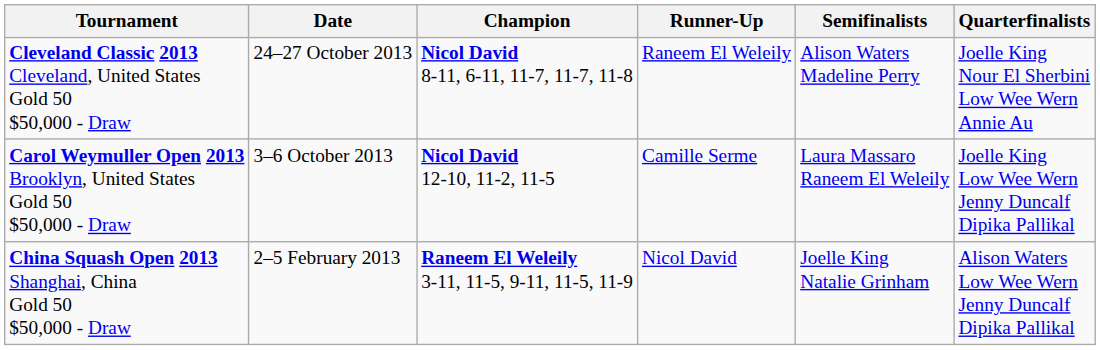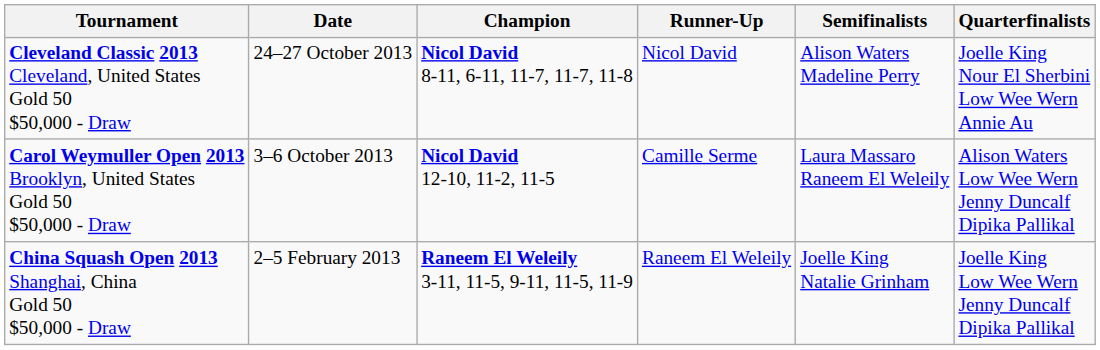 <table class="wikitable" style="font-size:88%">
 <tr>
 <th>Tournament</th>
 <th>Date</th>
 <th>Champion</th>
 <th>Runner-Up</th>
 <th>Semifinalists</th>
 <th>Quarterfinalists</th>
 </tr>
 <tr valign=top>
 <td><strong><a href='#'>Cleveland Classic</a> <a href='#'>2013</a></strong><br> <a href='#'>Cleveland</a>, United States<br>Gold 50<br>$50,000 - <a href='#'>Draw</a></td>
 <td>24–27 October 2013</td>
 <td> <strong><a href='#'>Nicol David</a></strong><br>8-11, 6-11, 11-7, 11-7, 11-8</td>
-<td> <a href='#'>Raneem El Weleily</a></td>
+<td> <a href='#'>Nicol David</a></td>
 <td> <a href='#'>Alison Waters</a><br> <a href='#'>Madeline Perry</a></td>
 <td> <a href='#'>Joelle King</a><br> <a href='#'>Nour El Sherbini</a><br> <a href='#'>Low Wee Wern</a><br> <a href='#'>Annie Au</a></td>
 </tr>
 <tr valign=top>
 <td><strong><a href='#'>Carol Weymuller Open</a> <a href='#'>2013</a></strong><br> <a href='#'>Brooklyn</a>, United States<br>Gold 50<br>$50,000 - <a href='#'>Draw</a></td>
 <td>3–6 October 2013</td>
 <td> <strong><a href='#'>Nicol David</a></strong><br>12-10, 11-2, 11-5</td>
 <td> <a href='#'>Camille Serme</a></td>
 <td> <a href='#'>Laura Massaro</a><br> <a href='#'>Raneem El Weleily</a></td>
-<td> <a href='#'>Joelle King</a><br> <a href='#'>Low Wee Wern</a><br> <a href='#'>Jenny Duncalf</a><br> <a href='#'>Dipika Pallikal</a></td>
+<td> <a href='#'>Alison Waters</a><br> <a href='#'>Low Wee Wern</a><br> <a href='#'>Jenny Duncalf</a><br> <a href='#'>Dipika Pallikal</a></td>
 </tr>
 <tr valign=top>
 <td><strong><a href='#'>China Squash Open</a> <a href='#'>2013</a></strong><br> <a href='#'>Shanghai</a>, China<br>Gold 50<br>$50,000 - <a href='#'>Draw</a></td>
 <td>2–5 February 2013</td>
 <td> <strong><a href='#'>Raneem El Weleily</a></strong><br>3-11, 11-5, 9-11, 11-5, 11-9</td>
-<td> <a href='#'>Nicol David</a></td>
+<td> <a href='#'>Raneem El Weleily</a></td>
 <td> <a href='#'>Joelle King</a><br> <a href='#'>Natalie Grinham</a></td>
-<td> <a href='#'>Alison Waters</a><br> <a href='#'>Low Wee Wern</a><br> <a href='#'>Jenny Duncalf</a><br> <a href='#'>Dipika Pallikal</a></td>
+<td> <a href='#'>Joelle King</a><br> <a href='#'>Low Wee Wern</a><br> <a href='#'>Jenny Duncalf</a><br> <a href='#'>Dipika Pallikal</a></td>
 </tr>
 </table>
